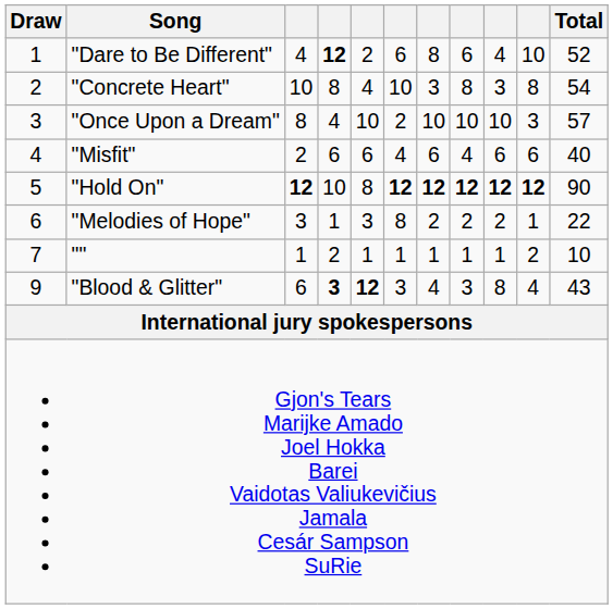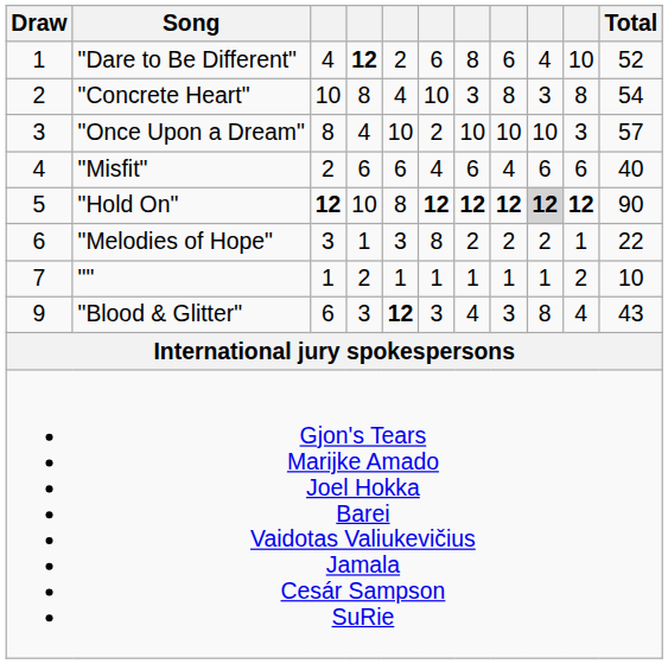 <table class="wikitable collapsible" style="margin: 1em auto 1em auto; text-align:center;">
 <tr>
 <th>Draw</th>
 <th>Song</th>
 <th></th>
 <th></th>
 <th></th>
 <th></th>
 <th></th>
 <th></th>
 <th></th>
 <th></th>
 <th>Total</th>
 </tr>
 <tr>
 <td>1</td>
 <td align="left">"Dare to Be Different"</td>
 <td>4</td>
 <td><strong>12</strong></td>
 <td>2</td>
 <td>6</td>
 <td>8</td>
 <td>6</td>
 <td>4</td>
 <td>10</td>
 <td>52</td>
 </tr>
 <tr>
 <td>2</td>
 <td align="left">"Concrete Heart"</td>
 <td>10</td>
 <td>8</td>
 <td>4</td>
 <td>10</td>
 <td>3</td>
 <td>8</td>
 <td>3</td>
 <td>8</td>
 <td>54</td>
 </tr>
 <tr>
 <td>3</td>
 <td align="left">"Once Upon a Dream"</td>
 <td>8</td>
 <td>4</td>
 <td>10</td>
 <td>2</td>
 <td>10</td>
 <td>10</td>
 <td>10</td>
 <td>3</td>
 <td>57</td>
 </tr>
 <tr>
 <td>4</td>
 <td align="left">"Misfit"</td>
 <td>2</td>
 <td>6</td>
 <td>6</td>
 <td>4</td>
 <td>6</td>
 <td>4</td>
 <td>6</td>
 <td>6</td>
 <td>40</td>
 </tr>
 <tr>
 <td>5</td>
 <td align="left">"Hold On"</td>
 <td><strong>12</strong></td>
 <td>10</td>
 <td>8</td>
 <td><strong>12</strong></td>
 <td><strong>12</strong></td>
 <td><strong>12</strong></td>
-<td><strong>12</strong></td>
+<td style="background: lightgrey;"><strong>12</strong></td>
 <td><strong>12</strong></td>
 <td>90</td>
 </tr>
 <tr>
 <td>6</td>
 <td align="left">"Melodies of Hope"</td>
 <td>3</td>
 <td>1</td>
 <td>3</td>
 <td>8</td>
 <td>2</td>
 <td>2</td>
 <td>2</td>
 <td>1</td>
 <td>22</td>
 </tr>
 <tr>
 <td>7</td>
 <td align="left">""</td>
 <td>1</td>
 <td>2</td>
 <td>1</td>
 <td>1</td>
 <td>1</td>
 <td>1</td>
 <td>1</td>
 <td>2</td>
 <td>10</td>
 </tr>
 <tr>
 <td>9</td>
 <td align="left">"Blood & Glitter"</td>
 <td>6</td>
-<td><strong>3</strong></td>
+<td>3</td>
 <td><strong>12</strong></td>
 <td>3</td>
 <td>4</td>
 <td>3</td>
 <td>8</td>
 <td>4</td>
 <td>43</td>
 </tr>
 <tr>
 <th colspan="11">International jury spokespersons</th>
 </tr>
 <tr>
 <td colspan="11"><br><ul><li><a href='#'>Gjon's Tears</a></li><li><a href='#'>Marijke Amado</a></li><li><a href='#'>Joel Hokka</a></li><li><a href='#'>Barei</a></li><li><a href='#'>Vaidotas Valiukevičius</a></li><li><a href='#'>Jamala</a></li><li><a href='#'>Cesár Sampson</a></li><li><a href='#'>SuRie</a></li></ul></td>
 </tr>
 </table>
